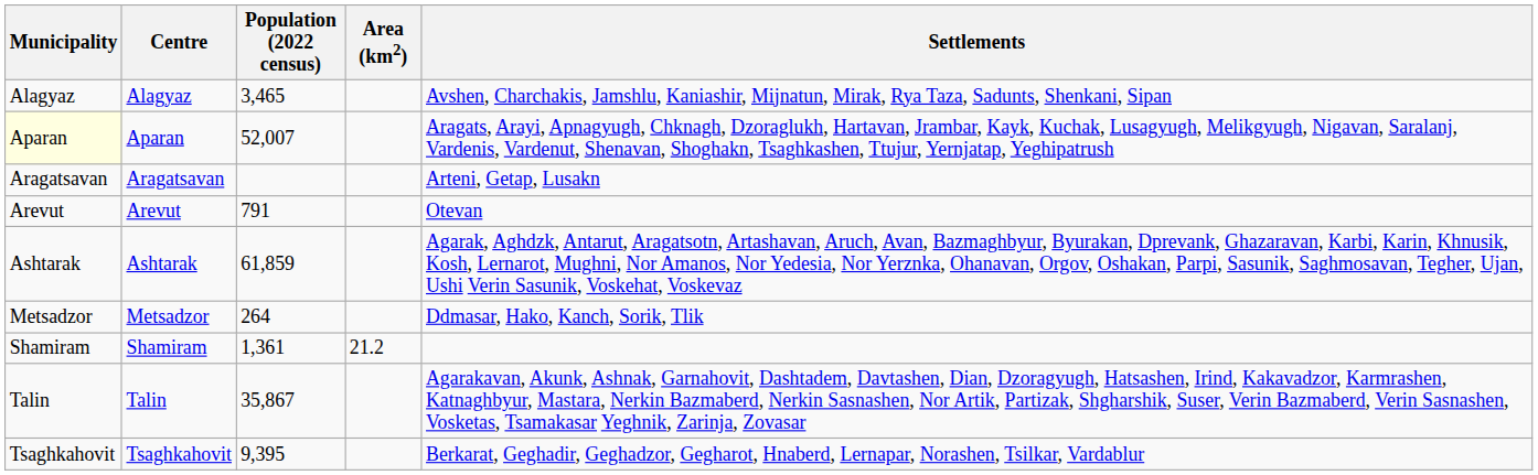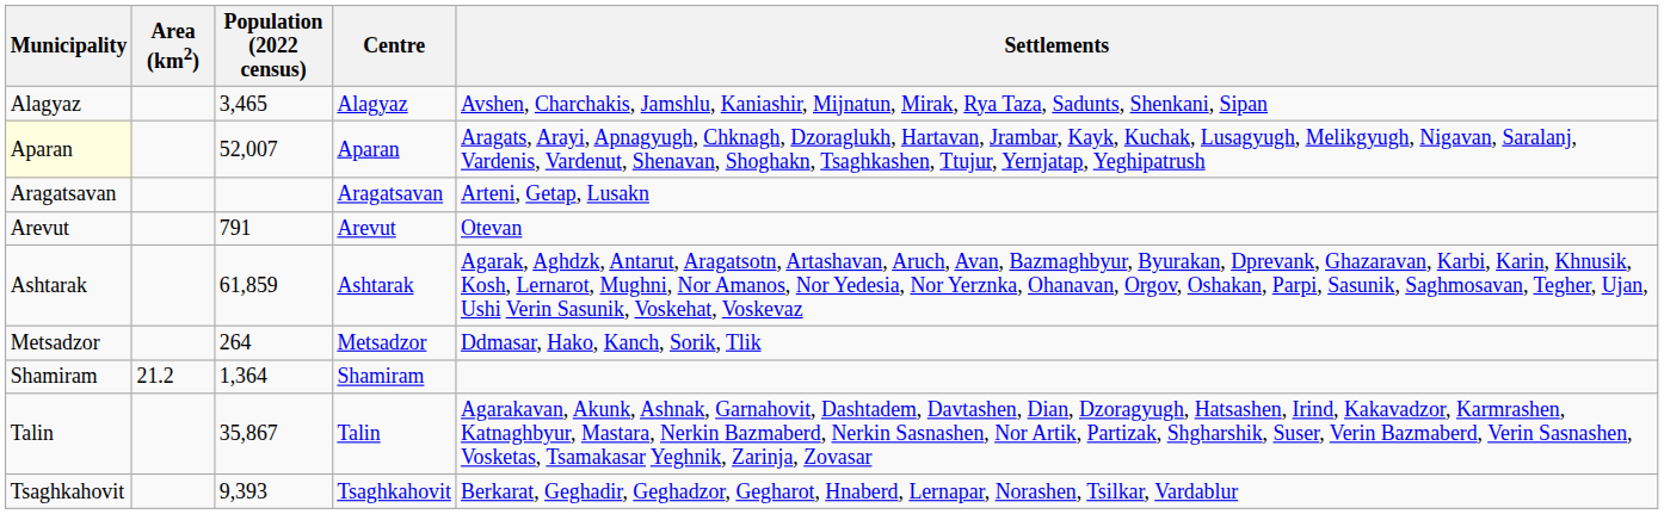 <table class="wikitable sortable">
 <tr>
 <th>Municipality</th>
+<th>Area (km<sup>2</sup>)</th>
+<th>Population<br>(2022 census)</th>
 <th>Centre</th>
-<th>Population<br>(2022 census)</th>
-<th>Area (km<sup>2</sup>)</th>
 <th>Settlements</th>
 </tr>
 <tr>
 <td>Alagyaz</td>
+<td></td>
+<td>3,465</td>
 <td><a href='#'>Alagyaz</a></td>
-<td>3,465</td>
-<td></td>
 <td><a href='#'>Avshen</a>, <a href='#'>Charchakis</a>, <a href='#'>Jamshlu</a>, <a href='#'>Kaniashir</a>, <a href='#'>Mijnatun</a>, <a href='#'>Mirak</a>, <a href='#'>Rya Taza</a>, <a href='#'>Sadunts</a>, <a href='#'>Shenkani</a>, <a href='#'>Sipan</a></td>
 </tr>
 <tr>
 <td style="background: lightyellow;">Aparan</td>
+<td></td>
+<td>52,007</td>
 <td><a href='#'>Aparan</a></td>
-<td>52,007</td>
-<td></td>
 <td><a href='#'>Aragats</a>, <a href='#'>Arayi</a>, <a href='#'>Apnagyugh</a>, <a href='#'>Chknagh</a>, <a href='#'>Dzoraglukh</a>, <a href='#'>Hartavan</a>, <a href='#'>Jrambar</a>, <a href='#'>Kayk</a>, <a href='#'>Kuchak</a>, <a href='#'>Lusagyugh</a>, <a href='#'>Melikgyugh</a>, <a href='#'>Nigavan</a>, <a href='#'>Saralanj</a>, <a href='#'>Vardenis</a>, <a href='#'>Vardenut</a>, <a href='#'>Shenavan</a>, <a href='#'>Shoghakn</a>, <a href='#'>Tsaghkashen</a>, <a href='#'>Ttujur</a>, <a href='#'>Yernjatap</a>, <a href='#'>Yeghipatrush</a></td>
 </tr>
 <tr>
 <td>Aragatsavan</td>
-<td><a href='#'>Aragatsavan</a></td>
 <td></td>
 <td></td>
+<td><a href='#'>Aragatsavan</a></td>
 <td><a href='#'>Arteni</a>, <a href='#'>Getap</a>, <a href='#'>Lusakn</a></td>
 </tr>
 <tr>
 <td>Arevut</td>
+<td></td>
+<td>791</td>
 <td><a href='#'>Arevut</a></td>
-<td>791</td>
-<td></td>
 <td><a href='#'>Otevan</a></td>
 </tr>
 <tr>
 <td>Ashtarak</td>
+<td></td>
+<td>61,859</td>
 <td><a href='#'>Ashtarak</a></td>
-<td>61,859</td>
-<td></td>
 <td><a href='#'>Agarak</a>, <a href='#'>Aghdzk</a>, <a href='#'>Antarut</a>, <a href='#'>Aragatsotn</a>, <a href='#'>Artashavan</a>, <a href='#'>Aruch</a>, <a href='#'>Avan</a>, <a href='#'>Bazmaghbyur</a>, <a href='#'>Byurakan</a>, <a href='#'>Dprevank</a>, <a href='#'>Ghazaravan</a>, <a href='#'>Karbi</a>, <a href='#'>Karin</a>, <a href='#'>Khnusik</a>, <a href='#'>Kosh</a>, <a href='#'>Lernarot</a>, <a href='#'>Mughni</a>, <a href='#'>Nor Amanos</a>, <a href='#'>Nor Yedesia</a>, <a href='#'>Nor Yerznka</a>, <a href='#'>Ohanavan</a>, <a href='#'>Orgov</a>, <a href='#'>Oshakan</a>, <a href='#'>Parpi</a>, <a href='#'>Sasunik</a>, <a href='#'>Saghmosavan</a>, <a href='#'>Tegher</a>, <a href='#'>Ujan</a>, <a href='#'>Ushi</a> <a href='#'>Verin Sasunik</a>, <a href='#'>Voskehat</a>, <a href='#'>Voskevaz</a></td>
 </tr>
 <tr>
 <td>Metsadzor</td>
+<td></td>
+<td>264</td>
 <td><a href='#'>Metsadzor</a></td>
-<td>264</td>
-<td></td>
 <td><a href='#'>Ddmasar</a>, <a href='#'>Hako</a>, <a href='#'>Kanch</a>, <a href='#'>Sorik</a>, <a href='#'>Tlik</a></td>
 </tr>
 <tr>
 <td>Shamiram</td>
+<td>21.2</td>
+<td>1,364</td>
 <td><a href='#'>Shamiram</a></td>
-<td>1,361</td>
-<td>21.2</td>
 <td></td>
 </tr>
 <tr>
 <td>Talin</td>
+<td></td>
+<td>35,867</td>
 <td><a href='#'>Talin</a></td>
-<td>35,867</td>
-<td></td>
 <td><a href='#'>Agarakavan</a>, <a href='#'>Akunk</a>, <a href='#'>Ashnak</a>, <a href='#'>Garnahovit</a>, <a href='#'>Dashtadem</a>, <a href='#'>Davtashen</a>, <a href='#'>Dian</a>, <a href='#'>Dzoragyugh</a>, <a href='#'>Hatsashen</a>, <a href='#'>Irind</a>, <a href='#'>Kakavadzor</a>, <a href='#'>Karmrashen</a>, <a href='#'>Katnaghbyur</a>, <a href='#'>Mastara</a>, <a href='#'>Nerkin Bazmaberd</a>, <a href='#'>Nerkin Sasnashen</a>, <a href='#'>Nor Artik</a>, <a href='#'>Partizak</a>, <a href='#'>Shgharshik</a>, <a href='#'>Suser</a>, <a href='#'>Verin Bazmaberd</a>, <a href='#'>Verin Sasnashen</a>, <a href='#'>Vosketas</a>, <a href='#'>Tsamakasar</a> <a href='#'>Yeghnik</a>, <a href='#'>Zarinja</a>, <a href='#'>Zovasar</a></td>
 </tr>
 <tr>
 <td>Tsaghkahovit</td>
+<td></td>
+<td>9,393</td>
 <td><a href='#'>Tsaghkahovit</a></td>
-<td>9,395</td>
-<td></td>
 <td><a href='#'>Berkarat</a>, <a href='#'>Geghadir</a>, <a href='#'>Geghadzor</a>, <a href='#'>Gegharot</a>, <a href='#'>Hnaberd</a>, <a href='#'>Lernapar</a>, <a href='#'>Norashen</a>, <a href='#'>Tsilkar</a>, <a href='#'>Vardablur</a></td>
 </tr>
 </table>
